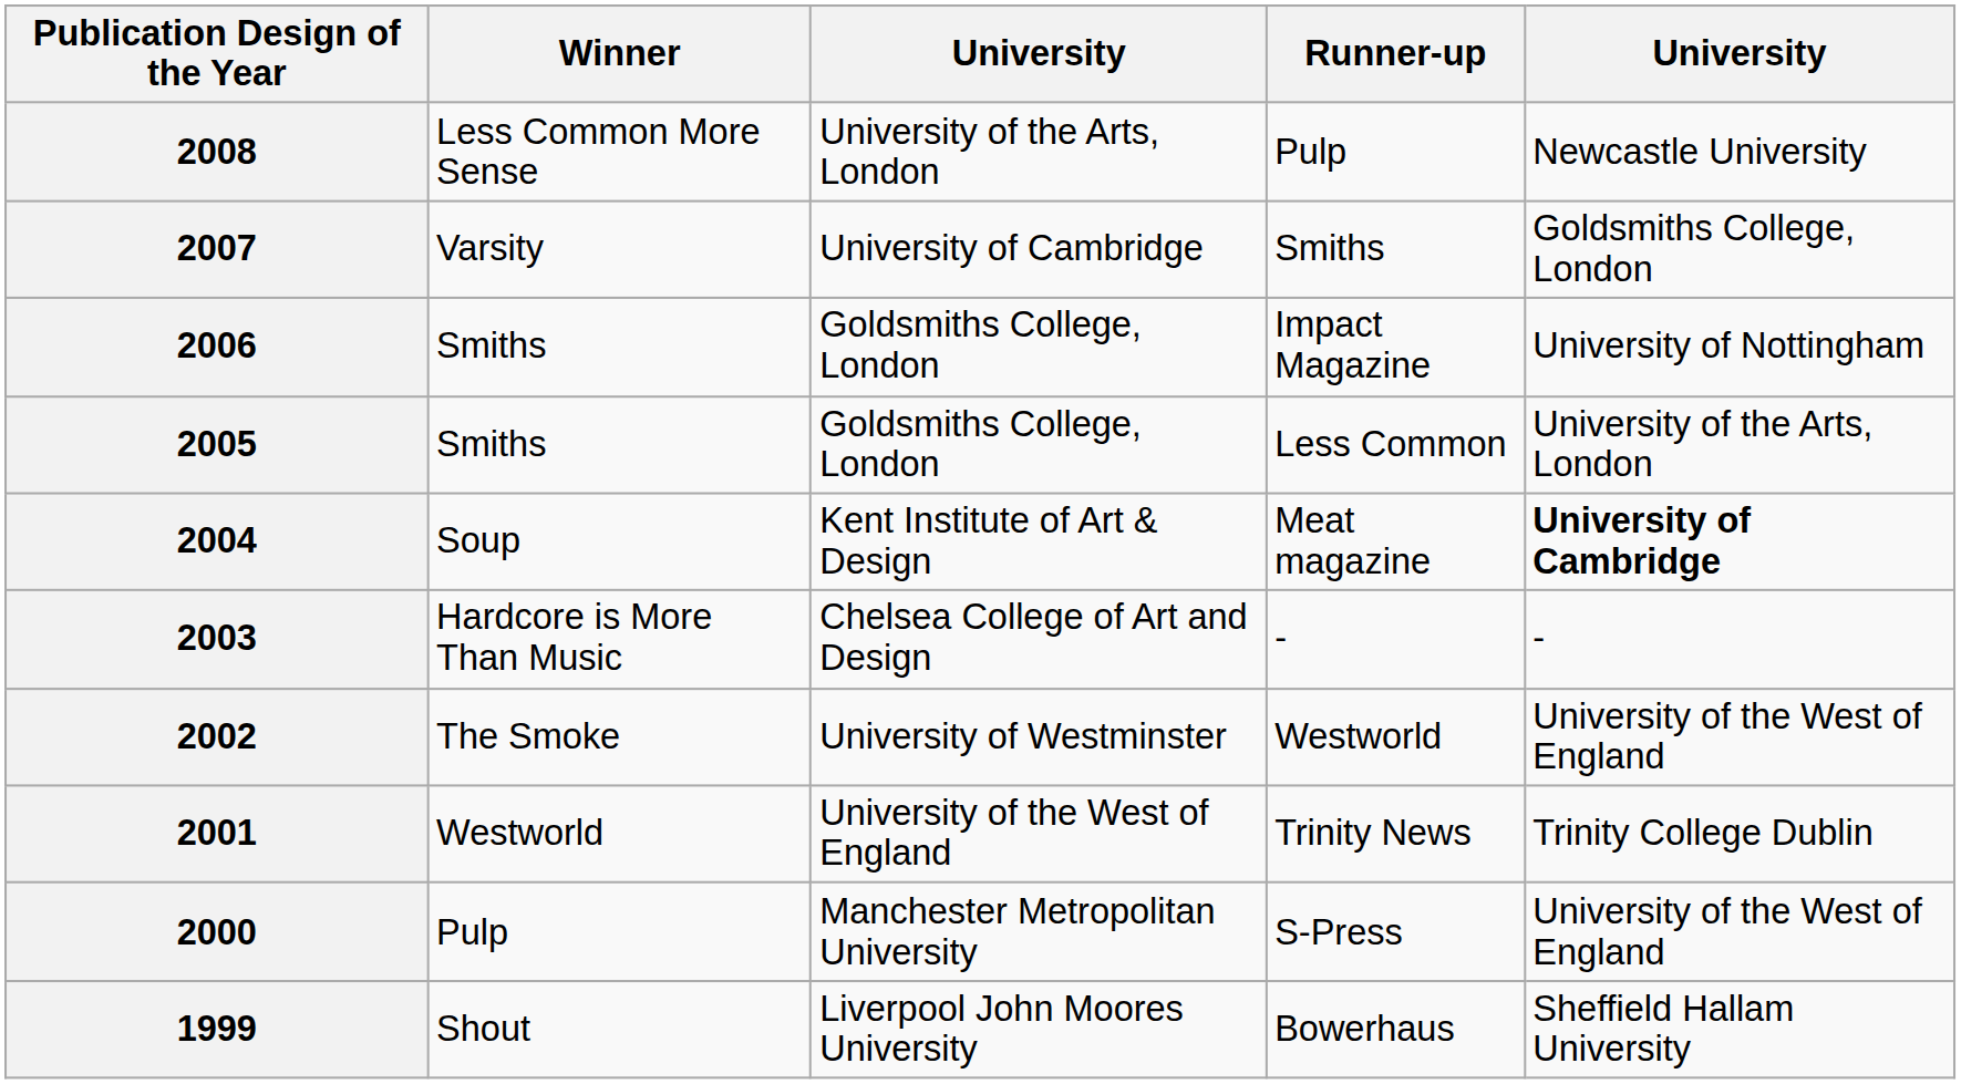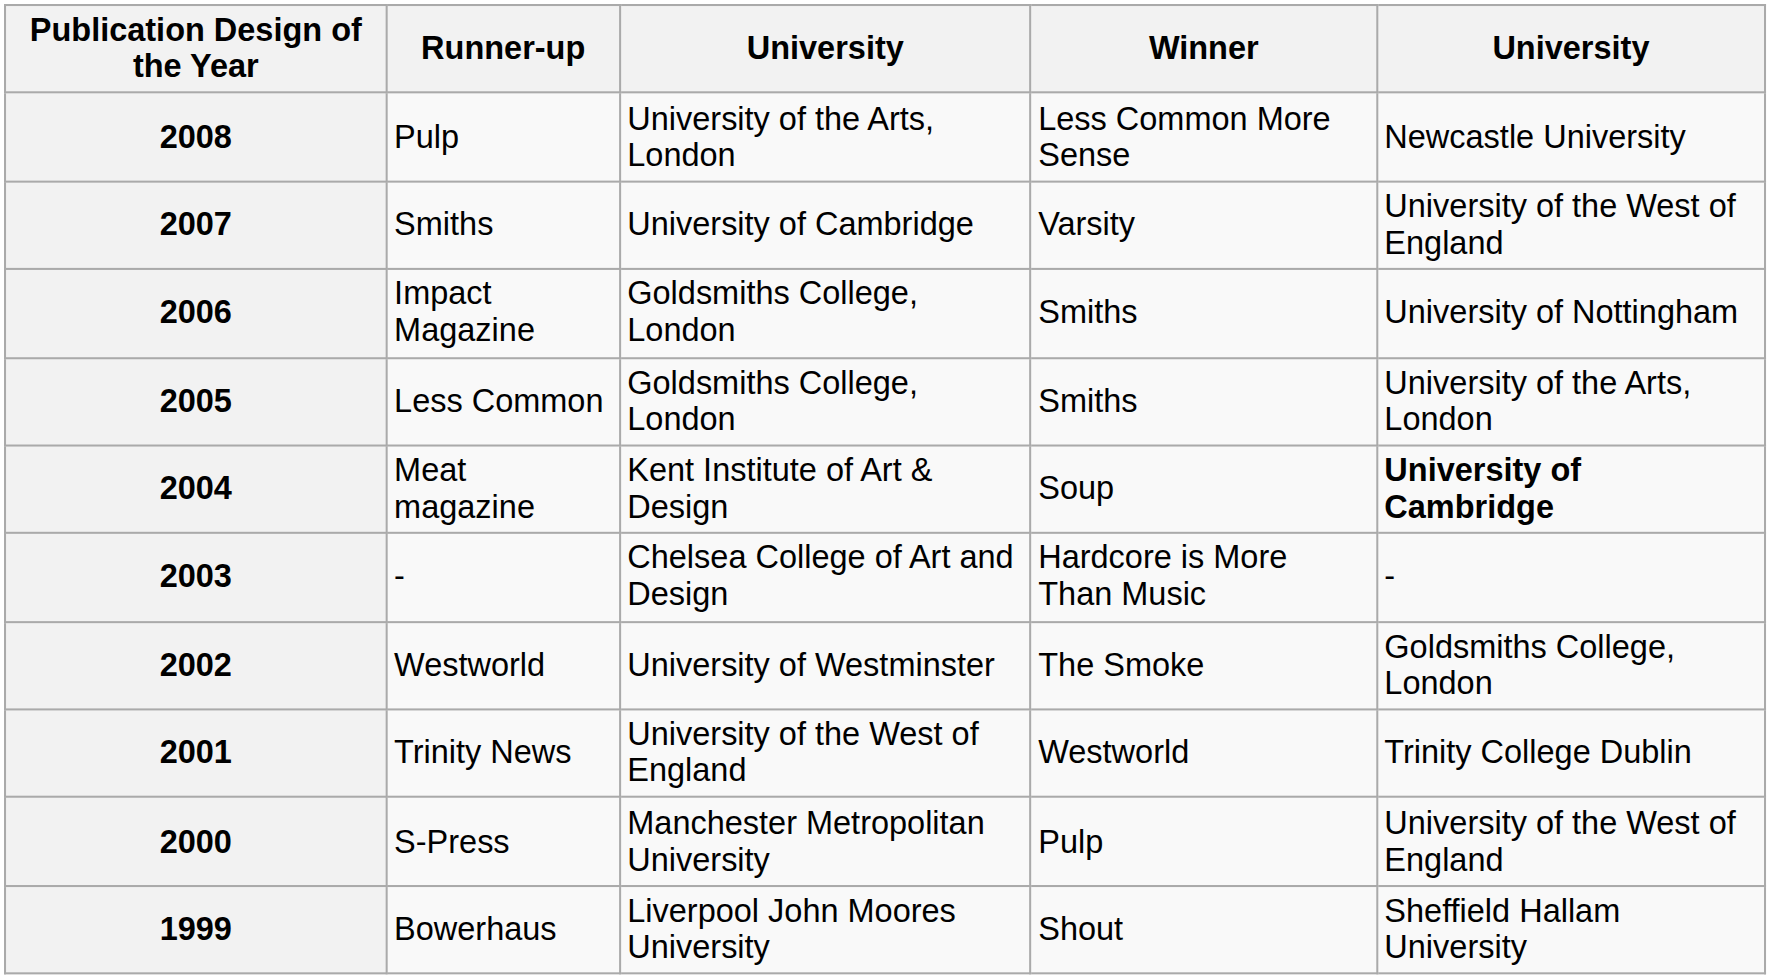 <table class="wikitable" style="font-align: center">
 <tr>
 <th>Publication Design of the Year</th>
+<th>Runner-up</th>
+<th>University</th>
 <th>Winner</th>
-<th>University</th>
-<th>Runner-up</th>
 <th>University</th>
 </tr>
 <tr>
 <th>2008</th>
+<td>Pulp</td>
+<td>University of the Arts, London</td>
 <td>Less Common More Sense</td>
-<td>University of the Arts, London</td>
-<td>Pulp</td>
 <td>Newcastle University</td>
 </tr>
 <tr>
 <th>2007</th>
+<td>Smiths</td>
+<td>University of Cambridge</td>
 <td>Varsity</td>
-<td>University of Cambridge</td>
-<td>Smiths</td>
-<td>Goldsmiths College, London</td>
+<td>University of the West of England</td>
 </tr>
 <tr>
 <th>2006</th>
+<td>Impact Magazine</td>
+<td>Goldsmiths College, London</td>
 <td>Smiths</td>
-<td>Goldsmiths College, London</td>
-<td>Impact Magazine</td>
 <td>University of Nottingham</td>
 </tr>
 <tr>
 <th>2005</th>
+<td>Less Common</td>
+<td>Goldsmiths College, London</td>
 <td>Smiths</td>
-<td>Goldsmiths College, London</td>
-<td>Less Common</td>
 <td>University of the Arts, London</td>
 </tr>
 <tr>
 <th>2004</th>
+<td>Meat magazine</td>
+<td>Kent Institute of Art & Design</td>
 <td>Soup</td>
-<td>Kent Institute of Art & Design</td>
-<td>Meat magazine</td>
 <td><strong>University of Cambridge</strong></td>
 </tr>
 <tr>
 <th>2003</th>
+<td>-</td>
+<td>Chelsea College of Art and Design</td>
 <td>Hardcore is More Than Music</td>
-<td>Chelsea College of Art and Design</td>
-<td>-</td>
 <td>-</td>
 </tr>
 <tr>
 <th>2002</th>
+<td>Westworld</td>
+<td>University of Westminster</td>
 <td>The Smoke</td>
-<td>University of Westminster</td>
-<td>Westworld</td>
-<td>University of the West of England</td>
+<td>Goldsmiths College, London</td>
 </tr>
 <tr>
 <th>2001</th>
+<td>Trinity News</td>
+<td>University of the West of England</td>
 <td>Westworld</td>
-<td>University of the West of England</td>
-<td>Trinity News</td>
 <td>Trinity College Dublin</td>
 </tr>
 <tr>
 <th>2000</th>
+<td>S-Press</td>
+<td>Manchester Metropolitan University</td>
 <td>Pulp</td>
-<td>Manchester Metropolitan University</td>
-<td>S-Press</td>
 <td>University of the West of England</td>
 </tr>
 <tr>
 <th>1999</th>
+<td>Bowerhaus</td>
+<td>Liverpool John Moores University</td>
 <td>Shout</td>
-<td>Liverpool John Moores University</td>
-<td>Bowerhaus</td>
 <td>Sheffield Hallam University</td>
 </tr>
 </table>
